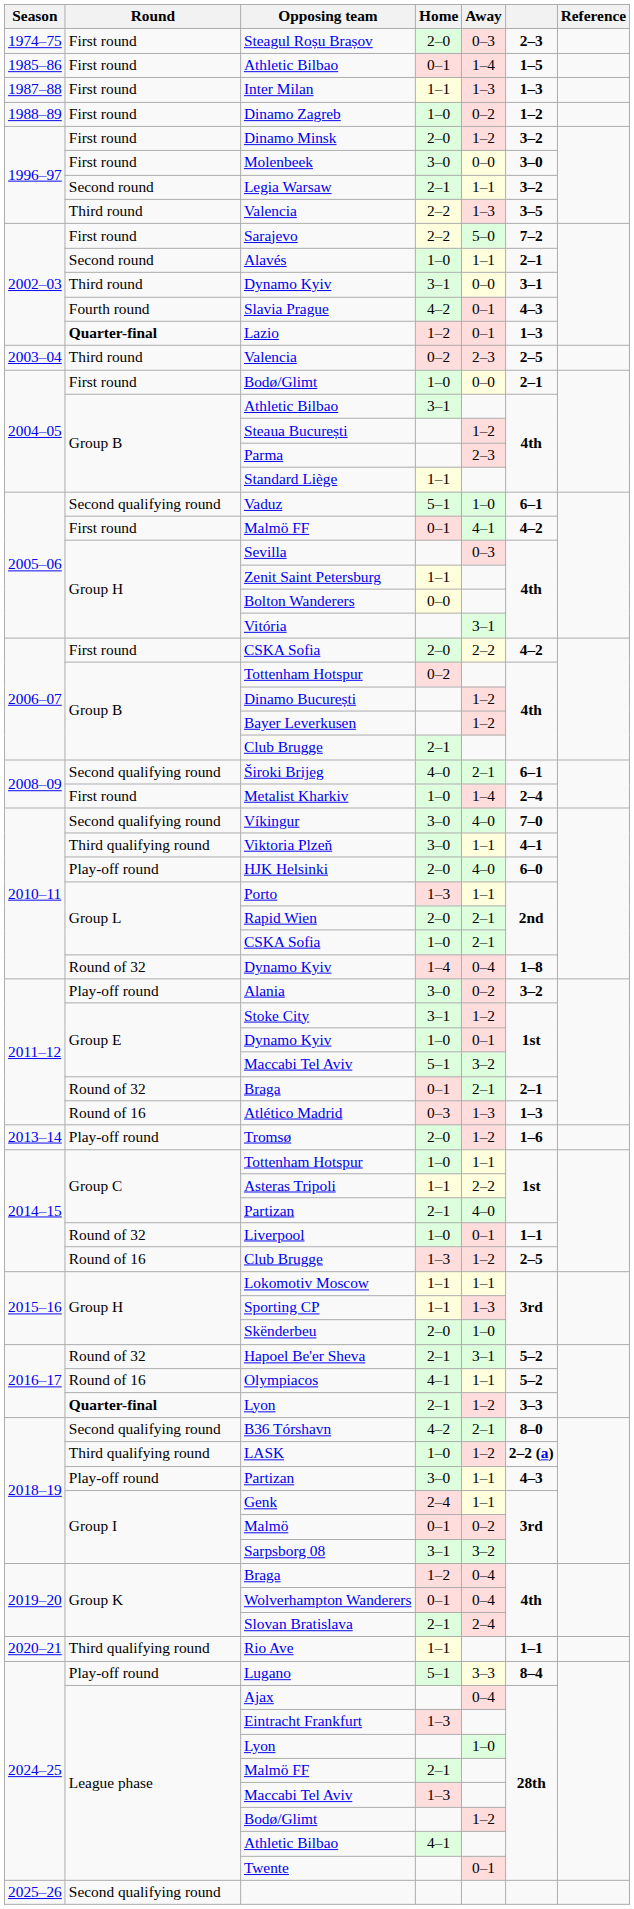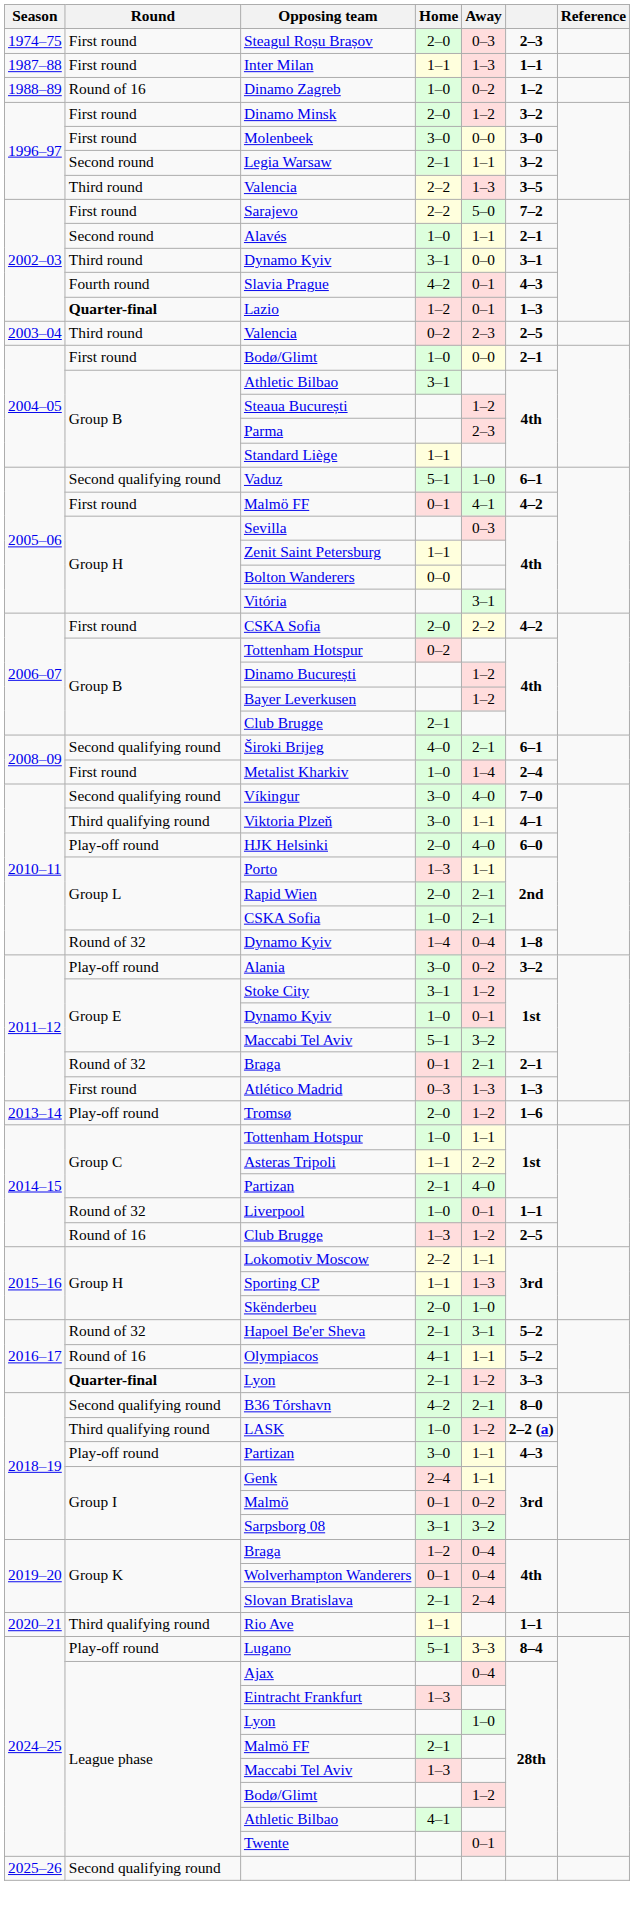 <table class="wikitable">
 <tr>
 <th>Season</th>
 <th width=175>Round</th>
 <th width=175>Opposing team</th>
 <th>Home</th>
 <th>Away</th>
 <th></th>
 <th>Reference</th>
 </tr>
 <tr>
 <td><a href='#'>1974–75</a></td>
 <td>First round</td>
 <td> <a href='#'>Steagul Roșu Brașov</a></td>
 <td style="text-align:center; background:#dfd;">2–0</td>
 <td style="text-align:center; background:#fdd;">0–3</td>
 <td style="text-align:center;"><strong>2–3</strong></td>
 <td style="text-align:center;"></td>
 </tr>
 <tr>
-<td><a href='#'>1985–86</a></td>
-<td>First round</td>
-<td> <a href='#'>Athletic Bilbao</a></td>
-<td style="text-align:center; background:#fdd;">0–1</td>
-<td style="text-align:center; background:#fdd;">1–4</td>
-<td style="text-align:center;"><strong>1–5</strong></td>
-<td style="text-align:center;"></td>
-</tr>
-<tr>
 <td><a href='#'>1987–88</a></td>
 <td>First round</td>
 <td> <a href='#'>Inter Milan</a></td>
 <td style="text-align:center; background:#ffd;">1–1</td>
 <td style="text-align:center; background:#fdd;">1–3</td>
-<td style="text-align:center;"><strong>1–3</strong></td>
+<td style="text-align:center;"><strong>1–1 </strong></td>
 <td style="text-align:center;"></td>
 </tr>
 <tr>
 <td><a href='#'>1988–89</a></td>
-<td>First round</td>
+<td>Round of 16</td>
 <td> <a href='#'>Dinamo Zagreb</a></td>
 <td style="text-align:center; background:#dfd;">1–0</td>
 <td style="text-align:center; background:#fdd;">0–2</td>
 <td style="text-align:center;"><strong>1–2</strong></td>
 <td style="text-align:center;"></td>
 </tr>
 <tr>
 <td rowspan="4"><a href='#'>1996–97</a></td>
 <td>First round</td>
 <td> <a href='#'>Dinamo Minsk</a></td>
 <td style="text-align:center; background:#dfd;">2–0</td>
 <td style="text-align:center; background:#fdd;">1–2</td>
 <td style="text-align:center;"><strong>3–2</strong></td>
 <td rowspan="4" style="text-align:center;"></td>
 </tr>
 <tr>
 <td>First round</td>
 <td> <a href='#'>Molenbeek</a></td>
 <td style="text-align:center; background:#dfd;">3–0</td>
 <td style="text-align:center; background:#ffd;">0–0</td>
 <td style="text-align:center;"><strong>3–0</strong></td>
 </tr>
 <tr>
 <td>Second round</td>
 <td> <a href='#'>Legia Warsaw</a></td>
 <td style="text-align:center; background:#dfd;">2–1</td>
 <td style="text-align:center; background:#ffd;">1–1</td>
 <td style="text-align:center;"><strong>3–2</strong></td>
 </tr>
 <tr>
 <td>Third round</td>
 <td> <a href='#'>Valencia</a></td>
 <td style="text-align:center; background:#ffd;">2–2</td>
 <td style="text-align:center; background:#fdd;">1–3</td>
 <td style="text-align:center;"><strong>3–5</strong></td>
 </tr>
 <tr>
 <td rowspan="5"><a href='#'>2002–03</a></td>
 <td>First round</td>
 <td> <a href='#'>Sarajevo</a></td>
 <td style="text-align:center; background:#ffd;">2–2</td>
 <td style="text-align:center; background:#dfd;">5–0</td>
 <td style="text-align:center;"><strong>7–2</strong></td>
 <td rowspan="5" style="text-align:center;"></td>
 </tr>
 <tr>
 <td>Second round</td>
 <td> <a href='#'>Alavés</a></td>
 <td style="text-align:center; background:#dfd;">1–0</td>
 <td style="text-align:center; background:#ffd;">1–1</td>
 <td style="text-align:center;"><strong>2–1</strong></td>
 </tr>
 <tr>
 <td>Third round</td>
 <td> <a href='#'>Dynamo Kyiv</a></td>
 <td style="text-align:center; background:#dfd;">3–1</td>
 <td style="text-align:center; background:#ffd;">0–0</td>
 <td style="text-align:center;"><strong>3–1</strong></td>
 </tr>
 <tr>
 <td>Fourth round</td>
 <td> <a href='#'>Slavia Prague</a></td>
 <td style="text-align:center; background:#dfd;">4–2</td>
 <td style="text-align:center; background:#fdd;">0–1</td>
 <td style="text-align:center;"><strong>4–3</strong></td>
 </tr>
 <tr>
 <td><strong>Quarter-final</strong></td>
 <td> <a href='#'>Lazio</a></td>
 <td style="text-align:center; background:#fdd;">1–2</td>
 <td style="text-align:center; background:#fdd;">0–1</td>
 <td style="text-align:center;"><strong>1–3</strong></td>
 </tr>
 <tr>
 <td><a href='#'>2003–04</a></td>
 <td>Third round</td>
 <td> <a href='#'>Valencia</a></td>
 <td style="text-align:center; background:#fdd;">0–2</td>
 <td style="text-align:center; background:#fdd;">2–3</td>
 <td style="text-align:center;"><strong>2–5</strong></td>
 <td style="text-align:center;"></td>
 </tr>
 <tr>
 <td rowspan="5"><a href='#'>2004–05</a></td>
 <td>First round</td>
 <td> <a href='#'>Bodø/Glimt</a></td>
 <td style="text-align:center; background:#dfd;">1–0</td>
 <td style="text-align:center; background:#ffd;">0–0</td>
 <td style="text-align:center;"><strong>2–1</strong></td>
 <td rowspan="5" style="text-align:center;"></td>
 </tr>
 <tr>
 <td rowspan=4>Group B</td>
 <td> <a href='#'>Athletic Bilbao</a></td>
 <td style="text-align:center; background:#dfd;">3–1</td>
 <td></td>
 <td style="text-align:center;" rowspan=4><strong>4th</strong></td>
 </tr>
 <tr>
 <td> <a href='#'>Steaua București</a></td>
 <td></td>
 <td style="text-align:center; background:#fdd;">1–2</td>
 </tr>
 <tr>
 <td> <a href='#'>Parma</a></td>
 <td></td>
 <td style="text-align:center; background:#fdd;">2–3</td>
 </tr>
 <tr>
 <td> <a href='#'>Standard Liège</a></td>
 <td style="text-align:center; background:#ffd;">1–1</td>
 <td></td>
 </tr>
 <tr>
 <td rowspan="6"><a href='#'>2005–06</a></td>
 <td>Second qualifying round</td>
 <td> <a href='#'>Vaduz</a></td>
 <td style="text-align:center; background:#dfd;">5–1</td>
 <td style="text-align:center; background:#dfd;">1–0</td>
 <td style="text-align:center;"><strong>6–1</strong></td>
 <td rowspan="6" style="text-align:center;"></td>
 </tr>
 <tr>
 <td>First round</td>
 <td> <a href='#'>Malmö FF</a></td>
 <td style="text-align:center; background:#fdd;">0–1</td>
 <td style="text-align:center; background:#dfd;">4–1</td>
 <td style="text-align:center;"><strong>4–2</strong></td>
 </tr>
 <tr>
 <td rowspan=4>Group H</td>
 <td> <a href='#'>Sevilla</a></td>
 <td></td>
 <td style="text-align:center; background:#fdd;">0–3</td>
 <td style="text-align:center;" rowspan=4><strong>4th</strong></td>
 </tr>
 <tr>
 <td> <a href='#'>Zenit Saint Petersburg</a></td>
 <td style="text-align:center; background:#ffd;">1–1</td>
 <td></td>
 </tr>
 <tr>
 <td> <a href='#'>Bolton Wanderers</a></td>
 <td style="text-align:center; background:#ffd;">0–0</td>
 <td></td>
 </tr>
 <tr>
 <td> <a href='#'>Vitória</a></td>
 <td></td>
 <td style="text-align:center; background:#dfd;">3–1</td>
 </tr>
 <tr>
 <td rowspan="5"><a href='#'>2006–07</a></td>
 <td>First round</td>
 <td> <a href='#'>CSKA Sofia</a></td>
 <td style="text-align:center; background:#dfd;">2–0</td>
 <td style="text-align:center; background:#ffd;">2–2 </td>
 <td style="text-align:center;"><strong>4–2</strong></td>
 <td rowspan="5" style="text-align:center;"></td>
 </tr>
 <tr>
 <td rowspan=4>Group B</td>
 <td> <a href='#'>Tottenham Hotspur</a></td>
 <td style="text-align:center; background:#fdd;">0–2</td>
 <td></td>
 <td style="text-align:center;" rowspan=4><strong>4th</strong></td>
 </tr>
 <tr>
 <td> <a href='#'>Dinamo București</a></td>
 <td></td>
 <td style="text-align:center; background:#fdd;">1–2</td>
 </tr>
 <tr>
 <td> <a href='#'>Bayer Leverkusen</a></td>
 <td></td>
 <td style="text-align:center; background:#fdd;">1–2</td>
 </tr>
 <tr>
 <td> <a href='#'>Club Brugge</a></td>
 <td style="text-align:center; background:#dfd;">2–1</td>
 <td></td>
 </tr>
 <tr>
 <td rowspan="2"><a href='#'>2008–09</a></td>
 <td>Second qualifying round</td>
 <td> <a href='#'>Široki Brijeg</a></td>
 <td style="text-align:center; background:#dfd;">4–0</td>
 <td style="text-align:center; background:#dfd;">2–1</td>
 <td style="text-align:center;"><strong>6–1</strong></td>
 <td rowspan="2" style="text-align:center;"></td>
 </tr>
 <tr>
 <td>First round</td>
 <td> <a href='#'>Metalist Kharkiv</a></td>
 <td style="text-align:center; background:#dfd;">1–0</td>
 <td style="text-align:center; background:#fdd;">1–4</td>
 <td style="text-align:center;"><strong>2–4</strong></td>
 </tr>
 <tr>
 <td rowspan="7"><a href='#'>2010–11</a></td>
 <td>Second qualifying round</td>
 <td> <a href='#'>Víkingur</a></td>
 <td style="text-align:center; background:#dfd;">3–0</td>
 <td style="text-align:center; background:#dfd;">4–0</td>
 <td style="text-align:center;"><strong>7–0</strong></td>
 <td rowspan="7" style="text-align:center;"></td>
 </tr>
 <tr>
 <td>Third qualifying round</td>
 <td> <a href='#'>Viktoria Plzeň</a></td>
 <td style="text-align:center; background:#dfd;">3–0</td>
 <td style="text-align:center; background:#ffd;">1–1</td>
 <td style="text-align:center;"><strong>4–1</strong></td>
 </tr>
 <tr>
 <td>Play-off round</td>
 <td> <a href='#'>HJK Helsinki</a></td>
 <td style="text-align:center; background:#dfd;">2–0</td>
 <td style="text-align:center; background:#dfd;">4–0</td>
 <td style="text-align:center;"><strong>6–0</strong></td>
 </tr>
 <tr>
 <td rowspan=3>Group L</td>
 <td> <a href='#'>Porto</a></td>
 <td style="text-align:center; background:#fdd;">1–3</td>
 <td style="text-align:center; background:#ffd;">1–1</td>
 <td style="text-align:center;" rowspan=3><strong>2nd</strong></td>
 </tr>
 <tr>
 <td> <a href='#'>Rapid Wien</a></td>
 <td style="text-align:center; background:#dfd;">2–0</td>
 <td style="text-align:center; background:#dfd;">2–1</td>
 </tr>
 <tr>
 <td> <a href='#'>CSKA Sofia</a></td>
 <td style="text-align:center; background:#dfd;">1–0</td>
 <td style="text-align:center; background:#dfd;">2–1</td>
 </tr>
 <tr>
 <td>Round of 32</td>
 <td> <a href='#'>Dynamo Kyiv</a></td>
 <td style="text-align:center; background:#fdd;">1–4</td>
 <td style="text-align:center; background:#fdd;">0–4</td>
 <td style="text-align:center;"><strong>1–8</strong></td>
 </tr>
 <tr>
 <td rowspan="6"><a href='#'>2011–12</a></td>
 <td>Play-off round</td>
 <td> <a href='#'>Alania</a></td>
 <td style="text-align:center; background:#dfd;">3–0</td>
 <td style="text-align:center; background:#fdd;">0–2</td>
 <td style="text-align:center;"><strong>3–2</strong></td>
 <td rowspan="6" style="text-align:center;"></td>
 </tr>
 <tr>
 <td rowspan=3>Group E</td>
 <td> <a href='#'>Stoke City</a></td>
 <td style="text-align:center; background:#dfd;">3–1</td>
 <td style="text-align:center; background:#fdd;">1–2</td>
 <td style="text-align:center;" rowspan=3><strong>1st</strong></td>
 </tr>
 <tr>
 <td> <a href='#'>Dynamo Kyiv</a></td>
 <td style="text-align:center; background:#dfd;">1–0</td>
 <td style="text-align:center; background:#fdd;">0–1</td>
 </tr>
 <tr>
 <td> <a href='#'>Maccabi Tel Aviv</a></td>
 <td style="text-align:center; background:#dfd;">5–1</td>
 <td style="text-align:center; background:#dfd;">3–2</td>
 </tr>
 <tr>
 <td>Round of 32</td>
 <td> <a href='#'>Braga</a></td>
 <td style="text-align:center; background:#fdd;">0–1</td>
 <td style="text-align:center; background:#dfd;">2–1</td>
 <td style="text-align:center;"><strong>2–1</strong></td>
 </tr>
 <tr>
-<td>Round of 16</td>
+<td>First round</td>
 <td> <a href='#'>Atlético Madrid</a></td>
 <td style="text-align:center; background:#fdd;">0–3</td>
 <td style="text-align:center; background:#fdd;">1–3</td>
 <td style="text-align:center;"><strong>1–3</strong></td>
 </tr>
 <tr>
 <td><a href='#'>2013–14</a></td>
 <td>Play-off round</td>
 <td> <a href='#'>Tromsø</a></td>
 <td style="text-align:center; background:#dfd;">2–0</td>
 <td style="text-align:center; background:#fdd;">1–2</td>
 <td style="text-align:center;"><strong>1–6</strong></td>
 <td style="text-align:center;"></td>
 </tr>
 <tr>
 <td rowspan="5"><a href='#'>2014–15</a></td>
 <td rowspan=3>Group C</td>
 <td> <a href='#'>Tottenham Hotspur</a></td>
 <td style="text-align:center; background:#dfd;">1–0</td>
 <td style="text-align:center; background:#ffd;">1–1</td>
 <td style="text-align:center;" rowspan=3><strong>1st</strong></td>
 <td rowspan="5" style="text-align:center;"></td>
 </tr>
 <tr>
 <td> <a href='#'>Asteras Tripoli</a></td>
 <td style="text-align:center; background:#ffd;">1–1</td>
 <td style="text-align:center; background:#ffd;">2–2</td>
 </tr>
 <tr>
 <td> <a href='#'>Partizan</a></td>
 <td style="text-align:center; background:#dfd;">2–1</td>
 <td style="text-align:center; background:#dfd;">4–0</td>
 </tr>
 <tr>
 <td>Round of 32</td>
 <td> <a href='#'>Liverpool</a></td>
 <td style="text-align:center; background:#dfd;">1–0 </td>
 <td style="text-align:center; background:#fdd;">0–1</td>
 <td style="text-align:center;"><strong>1–1 </strong></td>
 </tr>
 <tr>
 <td>Round of 16</td>
 <td> <a href='#'>Club Brugge</a></td>
 <td style="text-align:center; background:#fdd;">1–3</td>
 <td style="text-align:center; background:#fdd;">1–2</td>
 <td style="text-align:center;"><strong>2–5</strong></td>
 </tr>
 <tr>
 <td rowspan="3"><a href='#'>2015–16</a></td>
 <td rowspan=3>Group H</td>
 <td> <a href='#'>Lokomotiv Moscow</a></td>
-<td style="text-align:center; background:#ffd;">1–1</td>
+<td style="text-align:center; background:#ffd;">2–2</td>
 <td style="text-align:center; background:#ffd;">1–1</td>
 <td style="text-align:center;" rowspan=3><strong>3rd</strong></td>
 <td rowspan="3" style="text-align:center;"></td>
 </tr>
 <tr>
 <td> <a href='#'>Sporting CP</a></td>
 <td style="text-align:center; background:#ffd;">1–1</td>
 <td style="text-align:center; background:#fdd;">1–3</td>
 </tr>
 <tr>
 <td> <a href='#'>Skënderbeu</a></td>
 <td style="text-align:center; background:#dfd;">2–0</td>
 <td style="text-align:center; background:#dfd;">1–0</td>
 </tr>
 <tr>
 <td rowspan="3"><a href='#'>2016–17</a></td>
 <td>Round of 32</td>
 <td> <a href='#'>Hapoel Be'er Sheva</a></td>
 <td style="text-align:center; background:#dfd;">2–1</td>
 <td style="text-align:center; background:#dfd;">3–1</td>
 <td style="text-align:center;"><strong>5–2</strong></td>
 <td rowspan="3" style="text-align:center;"></td>
 </tr>
 <tr>
 <td>Round of 16</td>
 <td> <a href='#'>Olympiacos</a></td>
 <td style="text-align:center; background:#dfd;">4–1</td>
 <td style="text-align:center; background:#ffd;">1–1</td>
 <td style="text-align:center;"><strong>5–2</strong></td>
 </tr>
 <tr>
 <td><strong>Quarter-final</strong></td>
 <td> <a href='#'>Lyon</a></td>
 <td style="text-align:center; background:#dfd;">2–1 </td>
 <td style="text-align:center; background:#fdd;">1–2</td>
 <td style="text-align:center;"><strong>3–3 </strong></td>
 </tr>
 <tr>
 <td rowspan="6"><a href='#'>2018–19</a></td>
 <td>Second qualifying round</td>
 <td> <a href='#'>B36 Tórshavn</a></td>
 <td style="text-align:center; background:#dfd;">4–2</td>
 <td style="text-align:center; background:#dfd;">2–1</td>
 <td style="text-align:center;"><strong>8–0</strong></td>
 <td rowspan="6" style="text-align:center;"></td>
 </tr>
 <tr>
 <td>Third qualifying round</td>
 <td> <a href='#'>LASK</a></td>
 <td style="text-align:center; background:#dfd;">1–0</td>
 <td style="text-align:center; background:#fdd;">1–2</td>
 <td style="text-align:center;"><strong>2–2 (<a href='#'>a</a>)</strong></td>
 </tr>
 <tr>
 <td>Play-off round</td>
 <td> <a href='#'>Partizan</a></td>
 <td style="text-align:center; background:#dfd;">3–0</td>
 <td style="text-align:center; background:#ffd;">1–1</td>
 <td style="text-align:center;"><strong>4–3</strong></td>
 </tr>
 <tr>
 <td rowspan=3>Group I</td>
 <td> <a href='#'>Genk</a></td>
 <td style="text-align:center; background:#fdd;">2–4</td>
 <td style="text-align:center; background:#ffd;">1–1</td>
 <td style="text-align:center;" rowspan=3><strong>3rd</strong></td>
 </tr>
 <tr>
 <td> <a href='#'>Malmö</a></td>
 <td style="text-align:center; background:#fdd;">0–1</td>
 <td style="text-align:center; background:#fdd;">0–2</td>
 </tr>
 <tr>
 <td> <a href='#'>Sarpsborg 08</a></td>
 <td style="text-align:center; background:#dfd;">3–1</td>
 <td style="text-align:center; background:#dfd;">3–2</td>
 </tr>
 <tr>
 <td rowspan="3"><a href='#'>2019–20</a></td>
 <td rowspan=3>Group K</td>
 <td> <a href='#'>Braga</a></td>
 <td style="text-align:center; background:#fdd;">1–2</td>
 <td style="text-align:center; background:#fdd;">0–4</td>
 <td style="text-align:center;" rowspan=3><strong>4th</strong></td>
 <td rowspan=3></td>
 </tr>
 <tr>
 <td> <a href='#'>Wolverhampton Wanderers</a></td>
 <td style="text-align:center; background:#fdd;">0–1</td>
 <td style="text-align:center; background:#fdd;">0–4</td>
 </tr>
 <tr>
 <td> <a href='#'>Slovan Bratislava</a></td>
 <td style="text-align:center; background:#dfd;">2–1</td>
 <td style="text-align:center; background:#fdd;">2–4</td>
 </tr>
 <tr>
 <td><a href='#'>2020–21</a></td>
 <td>Third qualifying round</td>
 <td> <a href='#'>Rio Ave</a></td>
 <td style="text-align:center; background:#ffd;">1–1 </td>
 <td></td>
 <td style="text-align:center;"><strong>1–1 </strong></td>
 <td></td>
 </tr>
 <tr>
 <td rowspan="9"><a href='#'>2024–25</a></td>
 <td>Play-off round</td>
 <td> <a href='#'>Lugano</a></td>
 <td style="text-align:center; background:#dfd;">5–1</td>
 <td style="text-align:center; background:#ffd;">3–3</td>
 <td style="text-align:center;"><strong>8–4</strong></td>
 <td rowspan=9></td>
 </tr>
 <tr>
 <td rowspan=8>League phase</td>
 <td> <a href='#'>Ajax</a></td>
 <td></td>
 <td style="text-align:center; background:#fdd;">0–4</td>
 <td style="text-align:center;" rowspan=8><strong>28th</strong></td>
 </tr>
 <tr>
 <td> <a href='#'>Eintracht Frankfurt</a></td>
 <td style="text-align:center; background:#fdd;">1–3</td>
 <td></td>
 </tr>
 <tr>
 <td> <a href='#'>Lyon</a></td>
 <td></td>
 <td style="text-align:center; background:#dfd;">1–0</td>
 </tr>
 <tr>
 <td> <a href='#'>Malmö FF</a></td>
 <td style="text-align:center; background:#dfd;">2–1</td>
 <td></td>
 </tr>
 <tr>
 <td> <a href='#'>Maccabi Tel Aviv</a></td>
 <td style="text-align:center; background:#fdd;">1–3</td>
 <td></td>
 </tr>
 <tr>
 <td> <a href='#'>Bodø/Glimt</a></td>
 <td></td>
 <td style="text-align:center; background:#fdd;">1–2</td>
 </tr>
 <tr>
 <td> <a href='#'>Athletic Bilbao</a></td>
 <td style="text-align:center; background:#dfd;">4–1</td>
 <td></td>
 </tr>
 <tr>
 <td> <a href='#'>Twente</a></td>
 <td></td>
 <td style="text-align:center; background:#fdd;">0–1</td>
 </tr>
 <tr>
 <td><a href='#'>2025–26</a></td>
 <td>Second qualifying round</td>
 <td></td>
 <td style="text-align:center;"></td>
 <td style="text-align:center;"></td>
 <td style="text-align:center;"></td>
 <td></td>
 </tr>
 </table>
